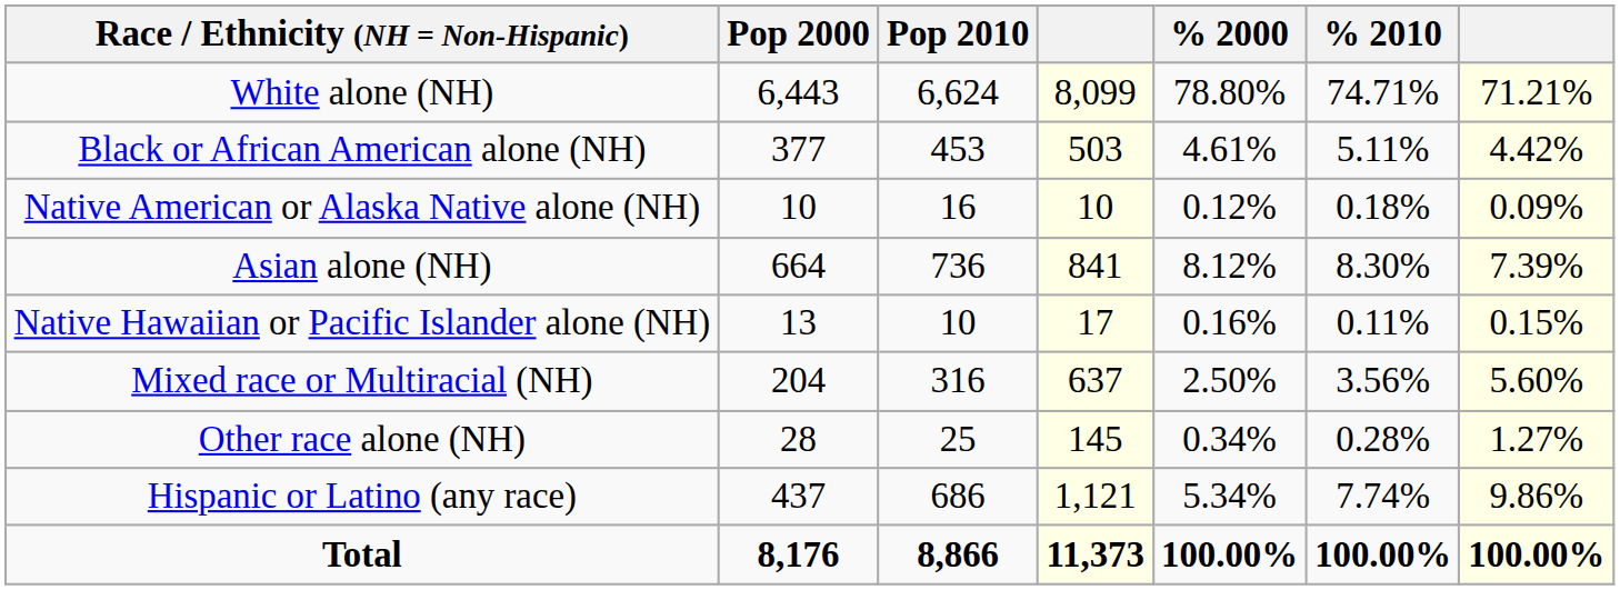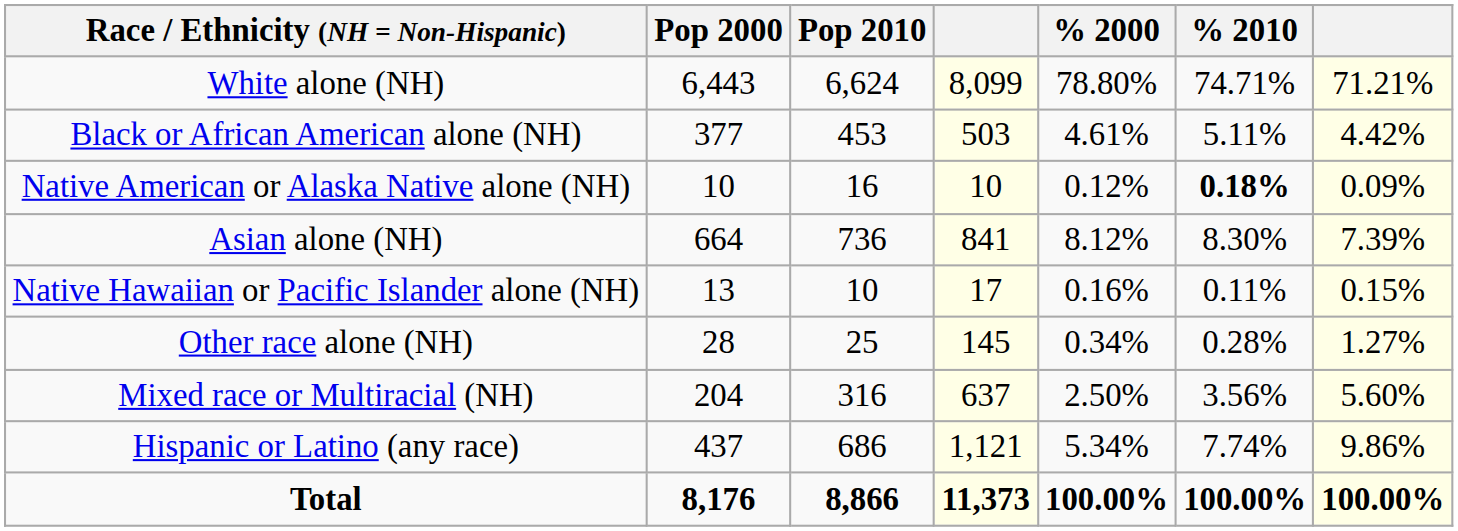 <table class="wikitable" style="text-align:center;">
 <tr>
 <th>Race / Ethnicity <small>(<em>NH = Non-Hispanic</em>)</small></th>
 <th>Pop 2000</th>
 <th>Pop 2010</th>
 <th></th>
 <th>% 2000</th>
 <th>% 2010</th>
 <th></th>
 </tr>
 <tr>
 <td><a href='#'>White</a> alone (NH)</td>
 <td>6,443</td>
 <td>6,624</td>
 <td style='background: #ffffe6;'>8,099</td>
 <td>78.80%</td>
 <td>74.71%</td>
 <td style='background: #ffffe6;'>71.21%</td>
 </tr>
 <tr>
 <td><a href='#'>Black or African American</a> alone (NH)</td>
 <td>377</td>
 <td>453</td>
 <td style='background: #ffffe6;'>503</td>
 <td>4.61%</td>
 <td>5.11%</td>
 <td style='background: #ffffe6;'>4.42%</td>
 </tr>
 <tr>
 <td><a href='#'>Native American</a> or <a href='#'>Alaska Native</a> alone (NH)</td>
 <td>10</td>
 <td>16</td>
 <td style='background: #ffffe6;'>10</td>
 <td>0.12%</td>
-<td>0.18%</td>
+<td><strong>0.18%</strong></td>
 <td style='background: #ffffe6;'>0.09%</td>
 </tr>
 <tr>
 <td><a href='#'>Asian</a> alone (NH)</td>
 <td>664</td>
 <td>736</td>
 <td style='background: #ffffe6;'>841</td>
 <td>8.12%</td>
 <td>8.30%</td>
 <td style='background: #ffffe6;'>7.39%</td>
 </tr>
 <tr>
 <td><a href='#'>Native Hawaiian</a> or <a href='#'>Pacific Islander</a> alone (NH)</td>
 <td>13</td>
 <td>10</td>
 <td style='background: #ffffe6;'>17</td>
 <td>0.16%</td>
 <td>0.11%</td>
 <td style='background: #ffffe6;'>0.15%</td>
 </tr>
 <tr>
+<td><a href='#'>Other race</a> alone (NH)</td>
+<td>28</td>
+<td>25</td>
+<td style='background: #ffffe6;'>145</td>
+<td>0.34%</td>
+<td>0.28%</td>
+<td style='background: #ffffe6;'>1.27%</td>
+</tr>
+<tr>
 <td><a href='#'>Mixed race or Multiracial</a> (NH)</td>
 <td>204</td>
 <td>316</td>
 <td style='background: #ffffe6;'>637</td>
 <td>2.50%</td>
 <td>3.56%</td>
 <td style='background: #ffffe6;'>5.60%</td>
-</tr>
-<tr>
-<td><a href='#'>Other race</a> alone (NH)</td>
-<td>28</td>
-<td>25</td>
-<td style='background: #ffffe6;'>145</td>
-<td>0.34%</td>
-<td>0.28%</td>
-<td style='background: #ffffe6;'>1.27%</td>
 </tr>
 <tr>
 <td><a href='#'>Hispanic or Latino</a> (any race)</td>
 <td>437</td>
 <td>686</td>
 <td style='background: #ffffe6;'>1,121</td>
 <td>5.34%</td>
 <td>7.74%</td>
 <td style='background: #ffffe6;'>9.86%</td>
 </tr>
 <tr>
 <td><strong>Total</strong></td>
 <td><strong>8,176</strong></td>
 <td><strong>8,866</strong></td>
 <td style='background: #ffffe6;'><strong>11,373</strong></td>
 <td><strong>100.00%</strong></td>
 <td><strong>100.00%</strong></td>
 <td style='background: #ffffe6;'><strong>100.00%</strong></td>
 </tr>
 </table>
